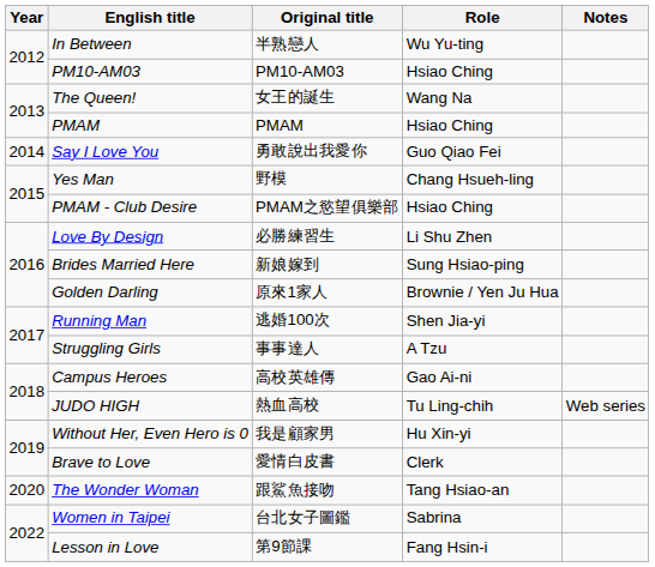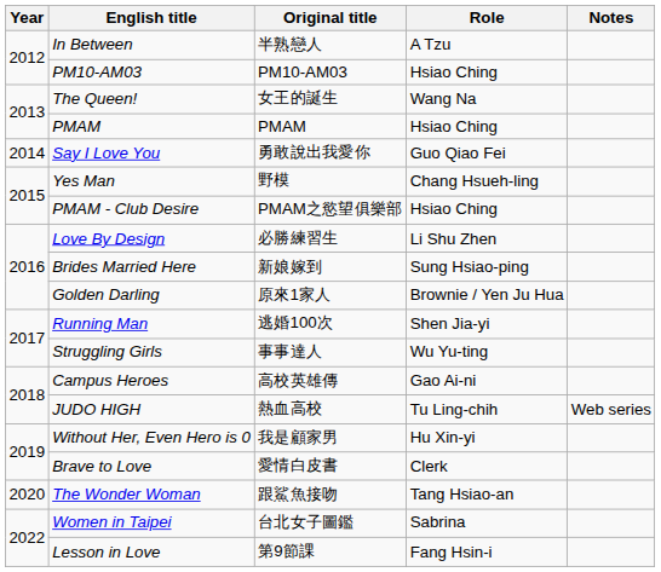 <table class="wikitable sortable">
 <tr>
 <th>Year</th>
 <th>English title</th>
 <th>Original title</th>
 <th>Role</th>
 <th class="unsortable">Notes</th>
 </tr>
 <tr>
 <td rowspan="2">2012</td>
 <td><em>In Between</em></td>
 <td>半熟戀人</td>
-<td>Wu Yu-ting</td>
+<td>A Tzu</td>
 <td></td>
 </tr>
 <tr>
 <td><em>PM10-AM03</em></td>
 <td>PM10-AM03</td>
 <td>Hsiao Ching</td>
 <td></td>
 </tr>
 <tr>
 <td rowspan="2">2013</td>
 <td><em>The Queen!</em></td>
 <td>女王的誕生</td>
 <td>Wang Na</td>
 <td></td>
 </tr>
 <tr>
 <td><em>PMAM</em></td>
 <td>PMAM</td>
 <td>Hsiao Ching</td>
 <td></td>
 </tr>
 <tr>
 <td>2014</td>
 <td><a href='#'><em>Say I Love You</em></a></td>
 <td>勇敢說出我愛你</td>
 <td>Guo Qiao Fei</td>
 <td></td>
 </tr>
 <tr>
 <td rowspan="2">2015</td>
 <td><em>Yes Man</em></td>
 <td>野模</td>
 <td>Chang Hsueh-ling</td>
 <td></td>
 </tr>
 <tr>
 <td><em>PMAM - Club Desire</em></td>
 <td>PMAM之慾望俱樂部</td>
 <td>Hsiao Ching</td>
 <td></td>
 </tr>
 <tr>
 <td rowspan="3">2016</td>
 <td><em><a href='#'>Love By Design</a></em></td>
 <td>必勝練習生</td>
 <td>Li Shu Zhen</td>
 <td></td>
 </tr>
 <tr>
 <td><em>Brides Married Here</em></td>
 <td>新娘嫁到</td>
 <td>Sung Hsiao-ping</td>
 <td></td>
 </tr>
 <tr>
 <td><em>Golden Darling</em></td>
 <td>原來1家人</td>
 <td>Brownie / Yen Ju Hua</td>
 <td></td>
 </tr>
 <tr>
 <td rowspan="2">2017</td>
 <td><em><a href='#'>Running Man</a></em></td>
 <td>逃婚100次</td>
 <td>Shen Jia-yi</td>
 <td></td>
 </tr>
 <tr>
 <td><em>Struggling Girls</em></td>
 <td>事事達人</td>
-<td>A Tzu</td>
+<td>Wu Yu-ting</td>
 <td></td>
 </tr>
 <tr>
 <td rowspan="2">2018</td>
 <td><em>Campus Heroes</em></td>
 <td>高校英雄傳</td>
 <td>Gao Ai-ni</td>
 <td></td>
 </tr>
 <tr>
 <td><em>JUDO HIGH</em></td>
 <td>熱血高校</td>
 <td>Tu Ling-chih</td>
 <td>Web series</td>
 </tr>
 <tr>
 <td rowspan="2">2019</td>
 <td><em>Without Her, Even Hero is 0</em></td>
 <td>我是顧家男</td>
 <td>Hu Xin-yi</td>
 <td></td>
 </tr>
 <tr>
 <td><em>Brave to Love</em></td>
 <td>愛情白皮書</td>
 <td>Clerk</td>
 <td></td>
 </tr>
 <tr>
 <td>2020</td>
 <td><em><a href='#'>The Wonder Woman</a></em></td>
 <td>跟鯊魚接吻</td>
 <td>Tang Hsiao-an</td>
 <td></td>
 </tr>
 <tr>
 <td rowspan="2">2022</td>
 <td><em><a href='#'>Women in Taipei</a></em></td>
 <td>台北女子圖鑑</td>
 <td>Sabrina</td>
 <td></td>
 </tr>
 <tr>
 <td><em>Lesson in Love</em></td>
 <td>第9節課</td>
 <td>Fang Hsin-i</td>
 <td></td>
 </tr>
 </table>
